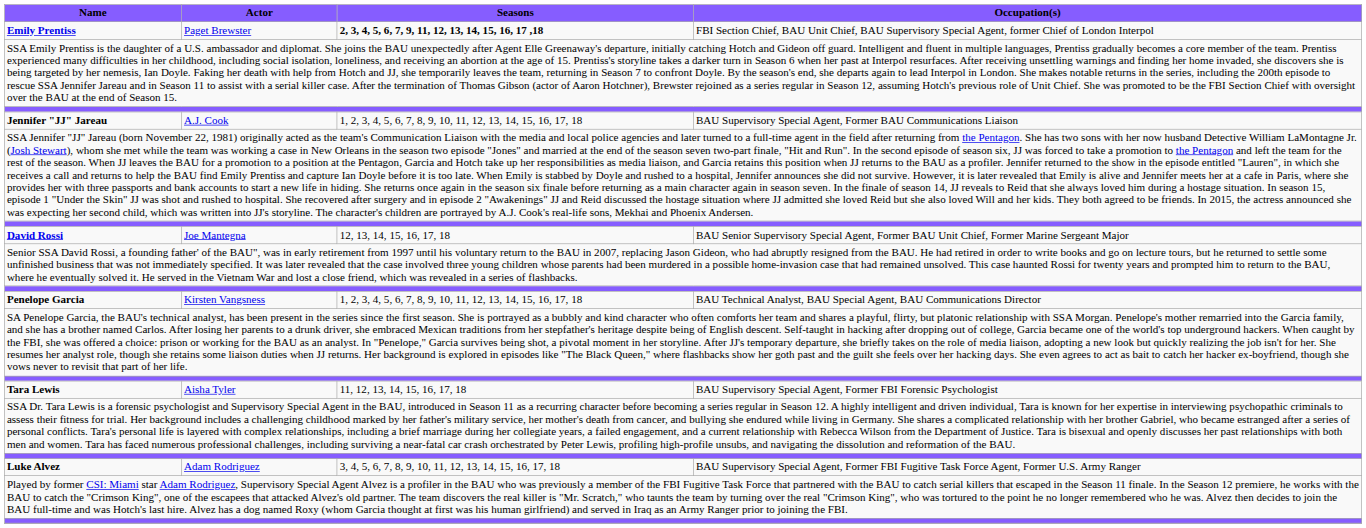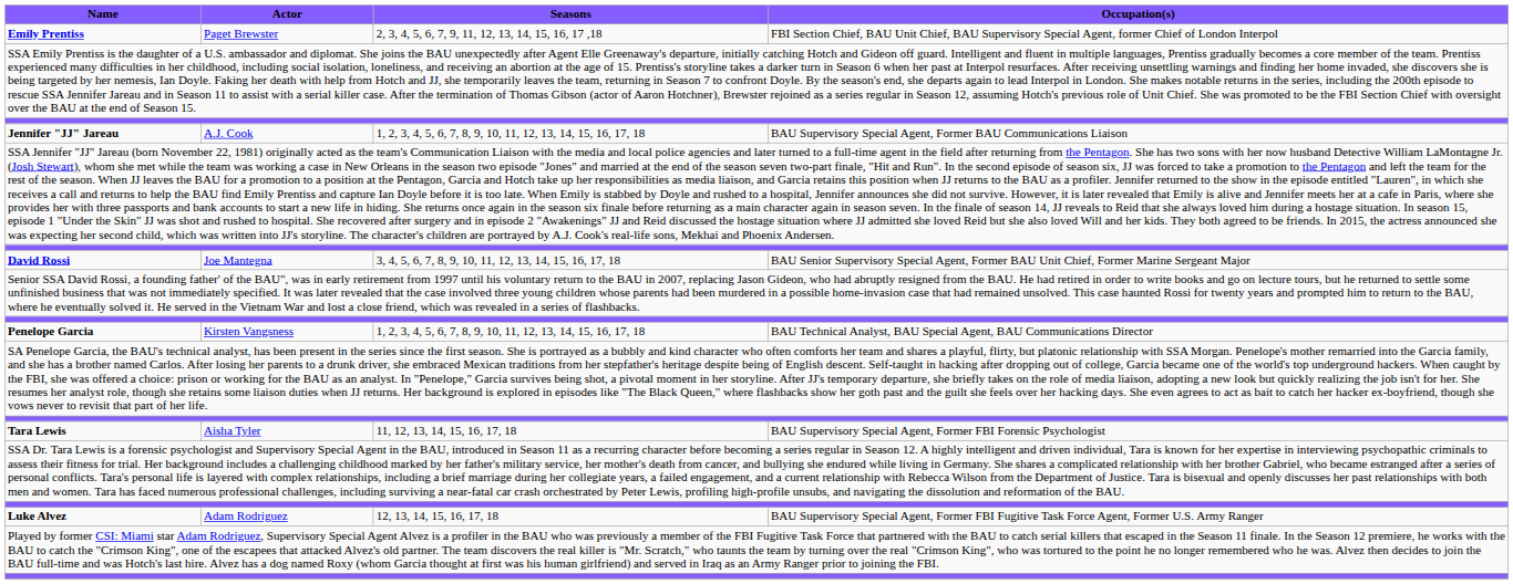 <table class="wikitable">
 <tr>
 <th style="background-color:#865dff">Name</th>
 <th style="background-color:#865dff">Actor</th>
 <th style="background-color:#865dff">Seasons</th>
 <th style="background-color:#865dff">Occupation(s)</th>
 </tr>
 <tr>
 <td><strong><a href='#'>Emily Prentiss</a></strong></td>
 <td><a href='#'>Paget Brewster</a></td>
-<td><strong>2, 3, 4, 5, 6, 7, 9, 11, 12, 13, 14, 15, 16, 17 ,18</strong></td>
+<td>2, 3, 4, 5, 6, 7, 9, 11, 12, 13, 14, 15, 16, 17 ,18</td>
 <td>FBI Section Chief, BAU Unit Chief, BAU Supervisory Special Agent, former Chief of London Interpol</td>
 </tr>
 <tr>
 <td colspan="4">SSA Emily Prentiss is the daughter of a U.S. ambassador and diplomat. She joins the BAU unexpectedly after Agent Elle Greenaway's departure, initially catching Hotch and Gideon off guard. Intelligent and fluent in multiple languages, Prentiss gradually becomes a core member of the team. Prentiss experienced many difficulties in her childhood, including social isolation, loneliness, and receiving an abortion at the age of 15. Prentiss's storyline takes a darker turn in Season 6 when her past at Interpol resurfaces. After receiving unsettling warnings and finding her home invaded, she discovers she is being targeted by her nemesis, Ian Doyle. Faking her death with help from Hotch and JJ, she temporarily leaves the team, returning in Season 7 to confront Doyle. By the season's end, she departs again to lead Interpol in London. She makes notable returns in the series, including the 200th episode to rescue SSA Jennifer Jareau and in Season 11 to assist with a serial killer case. After the termination of Thomas Gibson (actor of Aaron Hotchner), Brewster rejoined as a series regular in Season 12, assuming Hotch's previous role of Unit Chief. She was promoted to be the FBI Section Chief with oversight over the BAU at the end of Season 15.</td>
 </tr>
 <tr>
 <td colspan="7" bgcolor="#865dff"></td>
 </tr>
 <tr>
 <td><strong>Jennifer "JJ" Jareau</strong></td>
 <td><a href='#'>A.J. Cook</a></td>
 <td>1, 2, 3, 4, 5, 6, 7, 8, 9, 10, 11, 12, 13, 14, 15, 16, 17, 18</td>
 <td>BAU Supervisory Special Agent, Former BAU Communications Liaison</td>
 </tr>
 <tr>
 <td colspan="4">SSA Jennifer "JJ" Jareau (born November 22, 1981) originally acted as the team's Communication Liaison with the media and local police agencies and later turned to a full-time agent in the field after returning from <a href='#'>the Pentagon</a>. She has two sons with her now husband Detective William LaMontagne Jr. (<a href='#'>Josh Stewart</a>), whom she met while the team was working a case in New Orleans in the season two episode "Jones" and married at the end of the season seven two-part finale, "Hit and Run". In the second episode of season six, JJ was forced to take a promotion to <a href='#'>the Pentagon</a> and left the team for the rest of the season. When JJ leaves the BAU for a promotion to a position at the Pentagon, Garcia and Hotch take up her responsibilities as media liaison, and Garcia retains this position when JJ returns to the BAU as a profiler. Jennifer returned to the show in the episode entitled "Lauren", in which she receives a call and returns to help the BAU find Emily Prentiss and capture Ian Doyle before it is too late. When Emily is stabbed by Doyle and rushed to a hospital, Jennifer announces she did not survive. However, it is later revealed that Emily is alive and Jennifer meets her at a cafe in Paris, where she provides her with three passports and bank accounts to start a new life in hiding. She returns once again in the season six finale before returning as a main character again in season seven. In the finale of season 14, JJ reveals to Reid that she always loved him during a hostage situation. In season 15, episode 1 "Under the Skin" JJ was shot and rushed to hospital. She recovered after surgery and in episode 2 "Awakenings" JJ and Reid discussed the hostage situation where JJ admitted she loved Reid but she also loved Will and her kids. They both agreed to be friends. In 2015, the actress announced she was expecting her second child, which was written into JJ's storyline. The character's children are portrayed by A.J. Cook's real-life sons, Mekhai and Phoenix Andersen.</td>
 </tr>
 <tr>
 <td colspan="7" bgcolor="#865dff"></td>
 </tr>
 <tr>
 <td><strong><a href='#'>David Rossi</a></strong></td>
 <td><a href='#'>Joe Mantegna</a></td>
-<td>12, 13, 14, 15, 16, 17, 18</td>
+<td>3, 4, 5, 6, 7, 8, 9, 10, 11, 12, 13, 14, 15, 16, 17, 18</td>
 <td>BAU Senior Supervisory Special Agent, Former BAU Unit Chief, Former Marine Sergeant Major</td>
 </tr>
 <tr>
 <td colspan="4">Senior SSA David Rossi, a founding father' of the BAU", was in early retirement from 1997 until his voluntary return to the BAU in 2007, replacing Jason Gideon, who had abruptly resigned from the BAU. He had retired in order to write books and go on lecture tours, but he returned to settle some unfinished business that was not immediately specified. It was later revealed that the case involved three young children whose parents had been murdered in a possible home-invasion case that had remained unsolved. This case haunted Rossi for twenty years and prompted him to return to the BAU, where he eventually solved it. He served in the Vietnam War and lost a close friend, which was revealed in a series of flashbacks.</td>
 </tr>
 <tr>
 <td colspan="7" bgcolor="#865dff"></td>
 </tr>
 <tr>
 <td><strong>Penelope Garcia</strong></td>
 <td><a href='#'>Kirsten Vangsness</a></td>
 <td>1, 2, 3, 4, 5, 6, 7, 8, 9, 10, 11, 12, 13, 14, 15, 16, 17, 18</td>
 <td>BAU Technical Analyst, BAU Special Agent, BAU Communications Director</td>
 </tr>
 <tr>
 <td colspan="4">SA Penelope Garcia, the BAU's technical analyst, has been present in the series since the first season. She is portrayed as a bubbly and kind character who often comforts her team and shares a playful, flirty, but platonic relationship with SSA Morgan. Penelope's mother remarried into the Garcia family, and she has a brother named Carlos. After losing her parents to a drunk driver, she embraced Mexican traditions from her stepfather's heritage despite being of English descent. Self-taught in hacking after dropping out of college, Garcia became one of the world's top underground hackers. When caught by the FBI, she was offered a choice: prison or working for the BAU as an analyst. In "Penelope," Garcia survives being shot, a pivotal moment in her storyline. After JJ's temporary departure, she briefly takes on the role of media liaison, adopting a new look but quickly realizing the job isn't for her. She resumes her analyst role, though she retains some liaison duties when JJ returns. Her background is explored in episodes like "The Black Queen," where flashbacks show her goth past and the guilt she feels over her hacking days. She even agrees to act as bait to catch her hacker ex-boyfriend, though she vows never to revisit that part of her life.</td>
 </tr>
 <tr>
 <td colspan="7" bgcolor="#865dff"></td>
 </tr>
 <tr>
 <td><strong>Tara Lewis</strong></td>
 <td><a href='#'>Aisha Tyler</a></td>
 <td>11, 12, 13, 14, 15, 16, 17, 18</td>
 <td>BAU Supervisory Special Agent, Former FBI Forensic Psychologist</td>
 </tr>
 <tr>
 <td colspan="4">SSA Dr. Tara Lewis is a forensic psychologist and Supervisory Special Agent in the BAU, introduced in Season 11 as a recurring character before becoming a series regular in Season 12. A highly intelligent and driven individual, Tara is known for her expertise in interviewing psychopathic criminals to assess their fitness for trial. Her background includes a challenging childhood marked by her father's military service, her mother's death from cancer, and bullying she endured while living in Germany. She shares a complicated relationship with her brother Gabriel, who became estranged after a series of personal conflicts. Tara's personal life is layered with complex relationships, including a brief marriage during her collegiate years, a failed engagement, and a current relationship with Rebecca Wilson from the Department of Justice. Tara is bisexual and openly discusses her past relationships with both men and women. Tara has faced numerous professional challenges, including surviving a near-fatal car crash orchestrated by Peter Lewis, profiling high-profile unsubs, and navigating the dissolution and reformation of the BAU.</td>
 </tr>
 <tr>
 <td colspan="7" bgcolor="#865dff"></td>
 </tr>
 <tr>
 <td><strong>Luke Alvez</strong></td>
 <td><a href='#'>Adam Rodriguez</a></td>
-<td>3, 4, 5, 6, 7, 8, 9, 10, 11, 12, 13, 14, 15, 16, 17, 18</td>
+<td>12, 13, 14, 15, 16, 17, 18</td>
 <td>BAU Supervisory Special Agent, Former FBI Fugitive Task Force Agent, Former U.S. Army Ranger</td>
 </tr>
 <tr>
 <td colspan="4">Played by former <a href='#'>CSI: Miami</a> star <a href='#'>Adam Rodriguez</a>, Supervisory Special Agent Alvez is a profiler in the BAU who was previously a member of the FBI Fugitive Task Force that partnered with the BAU to catch serial killers that escaped in the Season 11 finale. In the Season 12 premiere, he works with the BAU to catch the "Crimson King", one of the escapees that attacked Alvez's old partner. The team discovers the real killer is "Mr. Scratch," who taunts the team by turning over the real "Crimson King", who was tortured to the point he no longer remembered who he was. Alvez then decides to join the BAU full-time and was Hotch's last hire. Alvez has a dog named Roxy (whom Garcia thought at first was his human girlfriend) and served in Iraq as an Army Ranger prior to joining the FBI.</td>
 </tr>
 <tr>
 <td colspan="7" bgcolor="#865dff"></td>
 </tr>
 <tr>
 </tr>
 </table>
